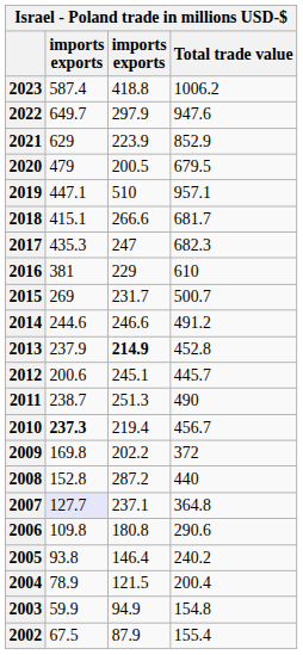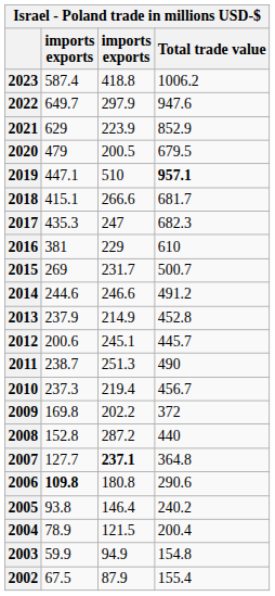 <table class="wikitable mw-collapsible mw-collapsed">
 <tr>
 <th colspan="4">Israel - Poland trade in millions USD-$</th>
 </tr>
 <tr>
 <th></th>
 <th> imports<br> exports</th>
 <th> imports<br> exports</th>
 <th>Total trade value</th>
 </tr>
 <tr>
 <th>2023</th>
 <td>587.4</td>
 <td>418.8</td>
 <td>1006.2</td>
 </tr>
 <tr>
 <th>2022</th>
 <td>649.7</td>
 <td>297.9</td>
 <td>947.6</td>
 </tr>
 <tr>
 <th>2021</th>
 <td>629</td>
 <td>223.9</td>
 <td>852.9</td>
 </tr>
 <tr>
 <th>2020</th>
 <td>479</td>
 <td>200.5</td>
 <td>679.5</td>
 </tr>
 <tr>
 <th>2019</th>
 <td>447.1</td>
 <td>510</td>
-<td>957.1</td>
+<td><strong>957.1</strong></td>
 </tr>
 <tr>
 <th>2018</th>
 <td>415.1</td>
 <td>266.6</td>
 <td>681.7</td>
 </tr>
 <tr>
 <th>2017</th>
 <td>435.3</td>
 <td>247</td>
 <td>682.3</td>
 </tr>
 <tr>
 <th>2016</th>
 <td>381</td>
 <td>229</td>
 <td>610</td>
 </tr>
 <tr>
 <th>2015</th>
 <td>269</td>
 <td>231.7</td>
 <td>500.7</td>
 </tr>
 <tr>
 <th>2014</th>
 <td>244.6</td>
 <td>246.6</td>
 <td>491.2</td>
 </tr>
 <tr>
 <th>2013</th>
 <td>237.9</td>
-<td><strong>214.9</strong></td>
+<td>214.9</td>
 <td>452.8</td>
 </tr>
 <tr>
 <th>2012</th>
 <td>200.6</td>
 <td>245.1</td>
 <td>445.7</td>
 </tr>
 <tr>
 <th>2011</th>
 <td>238.7</td>
 <td>251.3</td>
 <td>490</td>
 </tr>
 <tr>
 <th>2010</th>
-<td><strong>237.3</strong></td>
+<td>237.3</td>
 <td>219.4</td>
 <td>456.7</td>
 </tr>
 <tr>
 <th>2009</th>
 <td>169.8</td>
 <td>202.2</td>
 <td>372</td>
 </tr>
 <tr>
 <th>2008</th>
 <td>152.8</td>
 <td>287.2</td>
 <td>440</td>
 </tr>
 <tr>
 <th>2007</th>
-<td style="background: lavender;">127.7</td>
-<td>237.1</td>
+<td>127.7</td>
+<td><strong>237.1</strong></td>
 <td>364.8</td>
 </tr>
 <tr>
 <th>2006</th>
-<td>109.8</td>
+<td><strong>109.8</strong></td>
 <td>180.8</td>
 <td>290.6</td>
 </tr>
 <tr>
 <th>2005</th>
 <td>93.8</td>
 <td>146.4</td>
 <td>240.2</td>
 </tr>
 <tr>
 <th>2004</th>
 <td>78.9</td>
 <td>121.5</td>
 <td>200.4</td>
 </tr>
 <tr>
 <th>2003</th>
 <td>59.9</td>
 <td>94.9</td>
 <td>154.8</td>
 </tr>
 <tr>
 <th>2002</th>
 <td>67.5</td>
 <td>87.9</td>
 <td>155.4</td>
 </tr>
 </table>
